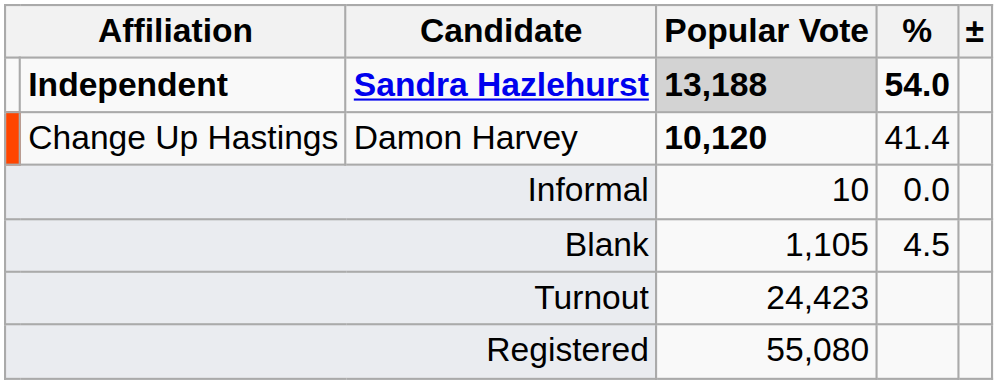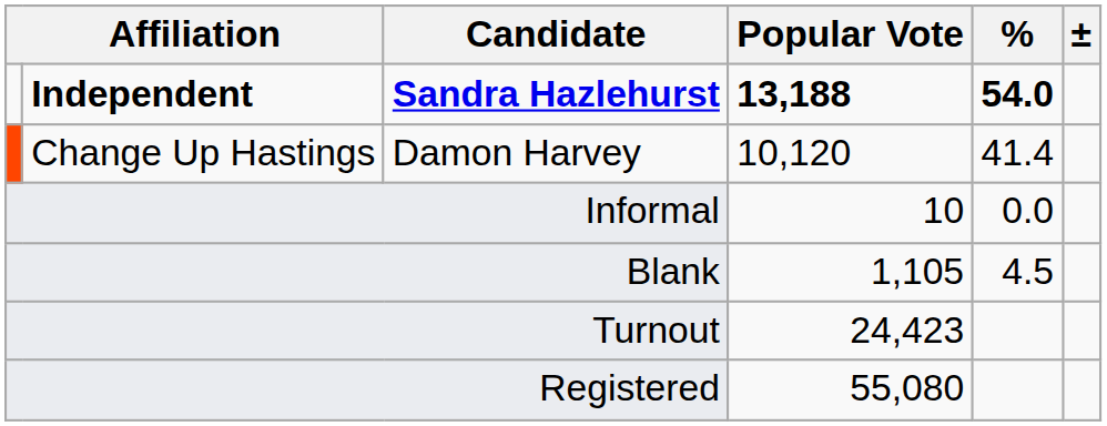 <table class="wikitable col4right col5right">
 <tr>
 <th colspan="2">Affiliation</th>
 <th>Candidate</th>
 <th>Popular Vote</th>
 <th>%</th>
 <th>±</th>
 </tr>
 <tr>
 <td></td>
 <td><strong>Independent</strong></td>
 <td><strong><a href='#'>Sandra Hazlehurst</a></strong></td>
-<td style="background: lightgrey;"><strong>13,188</strong></td>
+<td><strong>13,188</strong></td>
 <td><strong>54.0</strong></td>
 <td></td>
 </tr>
 <tr>
 <td style="background-color:orangered";></td>
 <td>Change Up Hastings</td>
 <td>Damon Harvey</td>
-<td><strong>10,120</strong></td>
+<td>10,120</td>
 <td>41.4</td>
 </tr>
 <tr>
 <td colspan="3" style="text-align:right;background-color:#eaecf0">Informal</td>
 <td style="text-align:right">10</td>
 <td style="text-align:right">0.0</td>
 <td></td>
 </tr>
 <tr>
 <td colspan="3" style="text-align:right;background-color:#eaecf0">Blank</td>
 <td style="text-align:right">1,105</td>
 <td style="text-align:right">4.5</td>
 <td></td>
 </tr>
 <tr>
 <td colspan="3" style="text-align:right;background-color:#eaecf0">Turnout</td>
 <td style="text-align:right">24,423</td>
 <td></td>
 <td></td>
 </tr>
 <tr>
 <td colspan="3" style="text-align:right;background-color:#eaecf0">Registered</td>
 <td style="text-align:right">55,080</td>
 <td></td>
 <td></td>
 </tr>
 </table>
